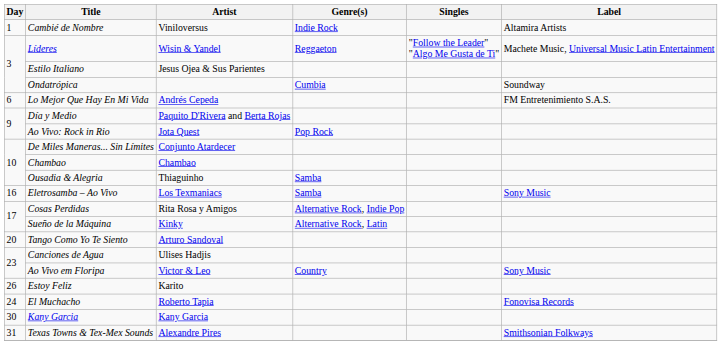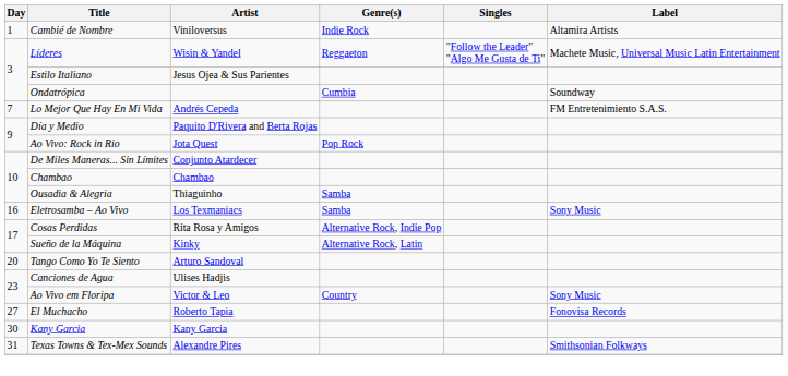 <table class="wikitable sortable" style="text-align: left;">
 <tr>
 <th>Day</th>
 <th>Title</th>
 <th>Artist</th>
 <th>Genre(s)</th>
 <th>Singles</th>
 <th>Label</th>
 </tr>
 <tr>
 <td rowspan="1">1</td>
 <td><em>Cambié de Nombre</em></td>
 <td>Viniloversus</td>
 <td><a href='#'>Indie Rock</a></td>
 <td></td>
 <td>Altamira Artists</td>
 </tr>
 <tr>
 <td rowspan="3">3</td>
 <td><em><a href='#'>Líderes</a></em></td>
 <td><a href='#'>Wisin & Yandel</a></td>
 <td><a href='#'>Reggaeton</a></td>
 <td>"<a href='#'>Follow the Leader</a>"<br>"<a href='#'>Algo Me Gusta de Ti</a>"</td>
 <td>Machete Music, <a href='#'>Universal Music Latin Entertainment</a></td>
 </tr>
 <tr>
 <td><em>Estilo Italiano</em></td>
 <td>Jesus Ojea & Sus Parientes</td>
 <td></td>
 <td></td>
 <td></td>
 </tr>
 <tr>
 <td><em>Ondatrópica</em></td>
 <td></td>
 <td><a href='#'>Cumbia</a></td>
 <td></td>
 <td>Soundway</td>
 </tr>
 <tr>
-<td rowspan="1">6</td>
+<td rowspan="1">7</td>
 <td><em>Lo Mejor Que Hay En Mi Vida</em></td>
 <td><a href='#'>Andrés Cepeda</a></td>
 <td></td>
 <td></td>
 <td>FM Entretenimiento S.A.S.</td>
 </tr>
 <tr>
 <td rowspan="2">9</td>
 <td><em>Día y Medio</em></td>
 <td><a href='#'>Paquito D'Rivera</a> and <a href='#'>Berta Rojas</a></td>
 <td></td>
 <td></td>
 <td></td>
 </tr>
 <tr>
 <td><em>Ao Vivo: Rock in Rio</em></td>
 <td><a href='#'>Jota Quest</a></td>
 <td><a href='#'>Pop Rock</a></td>
 <td></td>
 <td></td>
 </tr>
 <tr>
 <td rowspan="3">10</td>
 <td><em>De Miles Maneras... Sin Límites</em></td>
 <td><a href='#'>Conjunto Atardecer</a></td>
 <td></td>
 <td></td>
 <td></td>
 </tr>
 <tr>
 <td><em>Chambao</em></td>
 <td><a href='#'>Chambao</a></td>
 <td></td>
 <td></td>
 <td></td>
 </tr>
 <tr>
 <td><em>Ousadia & Alegria</em></td>
 <td>Thiaguinho</td>
 <td><a href='#'>Samba</a></td>
 <td></td>
 <td></td>
 </tr>
 <tr>
 <td>16</td>
 <td><em>Eletrosamba – Ao Vivo</em></td>
 <td><a href='#'>Los Texmaniacs</a></td>
 <td><a href='#'>Samba</a></td>
 <td></td>
 <td><a href='#'>Sony Music</a></td>
 </tr>
 <tr>
 <td rowspan="2">17</td>
 <td><em>Cosas Perdidas</em></td>
 <td>Rita Rosa y Amigos</td>
 <td><a href='#'>Alternative Rock</a>, <a href='#'>Indie Pop</a></td>
 <td></td>
 <td></td>
 </tr>
 <tr>
 <td><em>Sueño de la Máquina</em></td>
 <td><a href='#'>Kinky</a></td>
 <td><a href='#'>Alternative Rock</a>, <a href='#'>Latin</a></td>
 <td></td>
 <td></td>
 </tr>
 <tr>
 <td>20</td>
 <td><em>Tango Como Yo Te Siento</em></td>
 <td><a href='#'>Arturo Sandoval</a></td>
 <td></td>
 <td></td>
 <td></td>
 </tr>
 <tr>
 <td rowspan="2">23</td>
 <td><em>Canciones de Agua</em></td>
 <td>Ulises Hadjis</td>
 <td></td>
 <td></td>
 <td></td>
 </tr>
 <tr>
 <td><em>Ao Vivo em Floripa</em></td>
 <td><a href='#'>Victor & Leo</a></td>
 <td><a href='#'>Country</a></td>
 <td></td>
 <td><a href='#'>Sony Music</a></td>
 </tr>
 <tr>
-<td>26</td>
-<td><em>Estoy Feliz</em></td>
-<td>Karito</td>
-<td></td>
-<td></td>
-<td></td>
-</tr>
-<tr>
-<td>24</td>
+<td>27</td>
 <td><em>El Muchacho</em></td>
 <td><a href='#'>Roberto Tapia</a></td>
 <td></td>
 <td></td>
 <td><a href='#'>Fonovisa Records</a></td>
 </tr>
 <tr>
 <td>30</td>
 <td><em><a href='#'>Kany Garcia</a></em></td>
 <td><a href='#'>Kany Garcia</a></td>
 <td></td>
 <td></td>
 <td></td>
 </tr>
 <tr>
 <td>31</td>
 <td><em>Texas Towns & Tex-Mex Sounds</em></td>
 <td><a href='#'>Alexandre Pires</a></td>
 <td></td>
 <td></td>
 <td><a href='#'>Smithsonian Folkways</a></td>
 </tr>
 <tr>
 </tr>
 </table>
